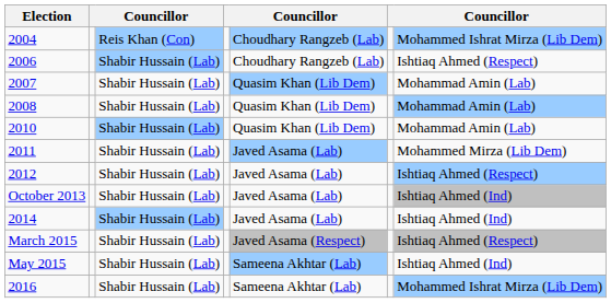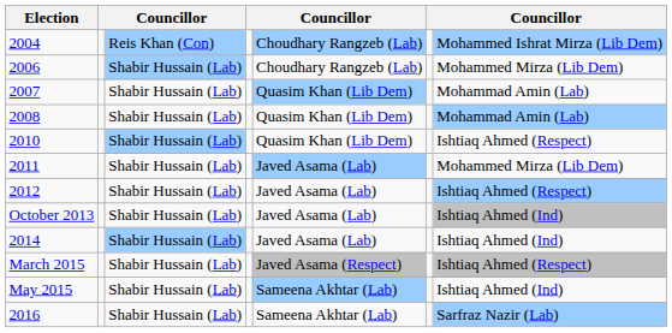 <table class="wikitable">
 <tr>
 <th>Election</th>
 <th colspan="2">Councillor</th>
 <th colspan="2">Councillor</th>
 <th colspan="2">Councillor</th>
 </tr>
 <tr>
 <td><a href='#'>2004</a></td>
 <td style="background-color: "></td>
 <td bgcolor="#99CCFF">Reis Khan (<a href='#'>Con</a>)</td>
 <td style="background-color: "></td>
 <td bgcolor="#99CCFF">Choudhary Rangzeb (<a href='#'>Lab</a>)</td>
 <td style="background-color: "></td>
 <td bgcolor="#99CCFF">Mohammed Ishrat Mirza (<a href='#'>Lib Dem</a>)</td>
 </tr>
 <tr>
 <td><a href='#'>2006</a></td>
 <td style="background-color: "></td>
 <td bgcolor="#99CCFF">Shabir Hussain (<a href='#'>Lab</a>)</td>
 <td style="background-color: "></td>
 <td>Choudhary Rangzeb (<a href='#'>Lab</a>)</td>
 <td style="background-color: "></td>
-<td>Ishtiaq Ahmed (<a href='#'>Respect</a>)</td>
+<td>Mohammed Mirza (<a href='#'>Lib Dem</a>)</td>
 </tr>
 <tr>
 <td><a href='#'>2007</a></td>
 <td style="background-color: "></td>
 <td>Shabir Hussain (<a href='#'>Lab</a>)</td>
 <td style="background-color: "></td>
 <td bgcolor="#99CCFF">Quasim Khan (<a href='#'>Lib Dem</a>)</td>
 <td style="background-color: "></td>
 <td>Mohammad Amin (<a href='#'>Lab</a>)</td>
 </tr>
 <tr>
 <td><a href='#'>2008</a></td>
 <td style="background-color: "></td>
 <td>Shabir Hussain (<a href='#'>Lab</a>)</td>
 <td style="background-color: "></td>
 <td>Quasim Khan (<a href='#'>Lib Dem</a>)</td>
 <td style="background-color: "></td>
 <td bgcolor="#99CCFF">Mohammad Amin (<a href='#'>Lab</a>)</td>
 </tr>
 <tr>
 <td><a href='#'>2010</a></td>
 <td style="background-color: "></td>
 <td bgcolor="#99CCFF">Shabir Hussain (<a href='#'>Lab</a>)</td>
 <td style="background-color: "></td>
 <td>Quasim Khan (<a href='#'>Lib Dem</a>)</td>
 <td style="background-color: "></td>
-<td>Mohammad Amin (<a href='#'>Lab</a>)</td>
+<td>Ishtiaq Ahmed (<a href='#'>Respect</a>)</td>
 </tr>
 <tr>
 <td><a href='#'>2011</a></td>
 <td style="background-color: "></td>
 <td>Shabir Hussain (<a href='#'>Lab</a>)</td>
 <td style="background-color: "></td>
 <td bgcolor="#99CCFF">Javed Asama (<a href='#'>Lab</a>)</td>
 <td style="background-color: "></td>
 <td>Mohammed Mirza (<a href='#'>Lib Dem</a>)</td>
 </tr>
 <tr>
 <td><a href='#'>2012</a></td>
 <td style="background-color: "></td>
 <td>Shabir Hussain (<a href='#'>Lab</a>)</td>
 <td style="background-color: "></td>
 <td>Javed Asama (<a href='#'>Lab</a>)</td>
 <td style="background-color: "></td>
 <td bgcolor="#99CCFF">Ishtiaq Ahmed (<a href='#'>Respect</a>)</td>
 </tr>
 <tr>
 <td><a href='#'>October 2013</a></td>
 <td style="background-color: "></td>
 <td>Shabir Hussain (<a href='#'>Lab</a>)</td>
 <td style="background-color: "></td>
 <td>Javed Asama (<a href='#'>Lab</a>)</td>
 <td style="background-color: "></td>
 <td bgcolor="#C0C0C0">Ishtiaq Ahmed (<a href='#'>Ind</a>)</td>
 </tr>
 <tr>
 <td><a href='#'>2014</a></td>
 <td style="background-color: "></td>
 <td bgcolor="#99CCFF">Shabir Hussain (<a href='#'>Lab</a>)</td>
 <td style="background-color: "></td>
 <td>Javed Asama (<a href='#'>Lab</a>)</td>
 <td style="background-color: "></td>
 <td>Ishtiaq Ahmed (<a href='#'>Ind</a>)</td>
 </tr>
 <tr>
 <td><a href='#'>March 2015</a></td>
 <td style="background-color: "></td>
 <td>Shabir Hussain (<a href='#'>Lab</a>)</td>
 <td style="background-color: "></td>
 <td bgcolor="#C0C0C0">Javed Asama (<a href='#'>Respect</a>)</td>
 <td style="background-color: "></td>
 <td bgcolor="#C0C0C0">Ishtiaq Ahmed (<a href='#'>Respect</a>)</td>
 </tr>
 <tr>
 <td><a href='#'>May 2015</a></td>
 <td style="background-color: "></td>
 <td>Shabir Hussain (<a href='#'>Lab</a>)</td>
 <td style="background-color: "></td>
 <td bgcolor="#99CCFF">Sameena Akhtar (<a href='#'>Lab</a>)</td>
 <td style="background-color: "></td>
 <td>Ishtiaq Ahmed (<a href='#'>Ind</a>)</td>
 </tr>
 <tr>
 <td><a href='#'>2016</a></td>
 <td style="background-color: "></td>
 <td>Shabir Hussain (<a href='#'>Lab</a>)</td>
 <td style="background-color: "></td>
 <td>Sameena Akhtar (<a href='#'>Lab</a>)</td>
 <td style="background-color: "></td>
-<td bgcolor="#99CCFF">Mohammed Ishrat Mirza (<a href='#'>Lib Dem</a>)</td>
+<td bgcolor="#99CCFF">Sarfraz Nazir (<a href='#'>Lab</a>)</td>
 </tr>
 </table>
